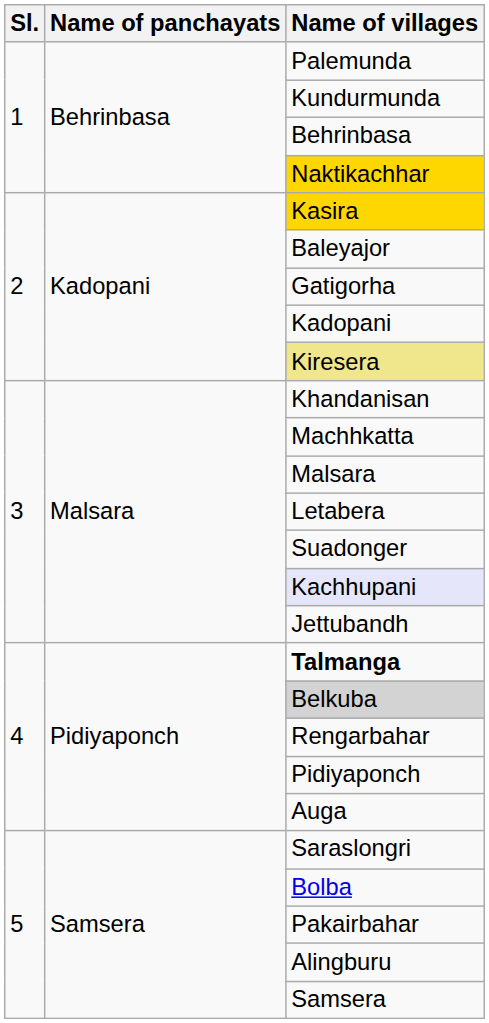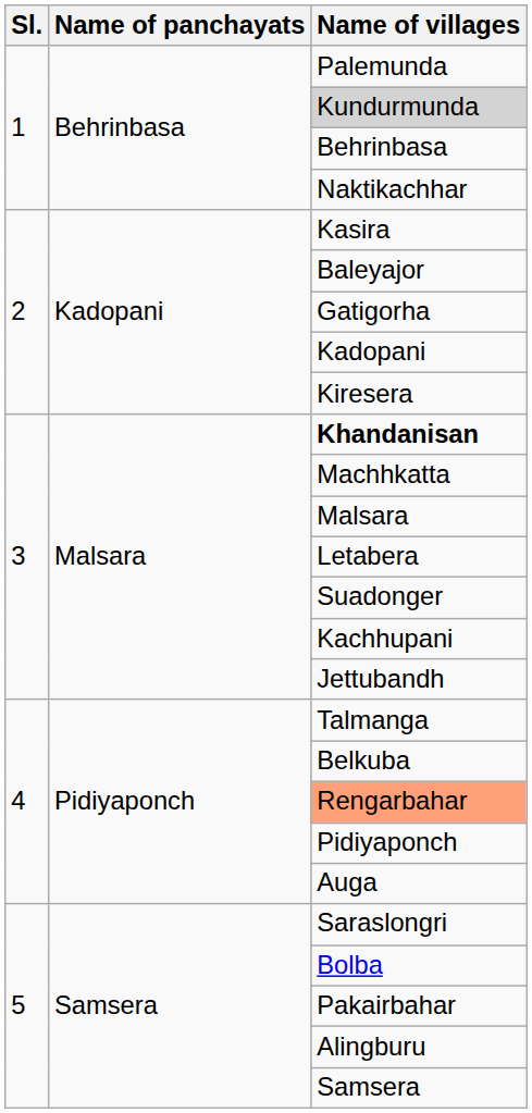 <table class="wikitable plainrowheaders sortable">
 <tr>
 <th scope="col">Sl.</th>
 <th scope="col">Name of panchayats</th>
 <th scope="col">Name of villages</th>
 </tr>
 <tr>
 <td rowspan="4">1</td>
 <td rowspan="4">Behrinbasa</td>
 <td>Palemunda</td>
 </tr>
 <tr>
-<td>Kundurmunda</td>
+<td style="background: lightgrey;">Kundurmunda</td>
 </tr>
 <tr>
 <td>Behrinbasa</td>
 </tr>
 <tr>
-<td style="background: gold;">Naktikachhar</td>
+<td>Naktikachhar</td>
 </tr>
 <tr>
 <td rowspan="5">2</td>
 <td rowspan="5">Kadopani</td>
-<td style="background: gold;">Kasira</td>
+<td>Kasira</td>
 </tr>
 <tr>
 <td>Baleyajor</td>
 </tr>
 <tr>
 <td>Gatigorha</td>
 </tr>
 <tr>
 <td>Kadopani</td>
 </tr>
 <tr>
-<td style="background: khaki;">Kiresera  </td>
+<td>Kiresera  </td>
 </tr>
 <tr>
 <td rowspan="7">3</td>
 <td rowspan="7">Malsara</td>
-<td>Khandanisan</td>
+<td><strong>Khandanisan</strong></td>
 </tr>
 <tr>
 <td>Machhkatta</td>
 </tr>
 <tr>
 <td>Malsara</td>
 </tr>
 <tr>
 <td>Letabera</td>
 </tr>
 <tr>
 <td>Suadonger</td>
 </tr>
 <tr>
-<td style="background: lavender;">Kachhupani</td>
+<td>Kachhupani</td>
 </tr>
 <tr>
 <td>Jettubandh</td>
 </tr>
 <tr>
 <td rowspan="5">4</td>
 <td rowspan="5">Pidiyaponch</td>
-<td><strong>Talmanga</strong></td>
+<td>Talmanga</td>
 </tr>
 <tr>
-<td style="background: lightgrey;">Belkuba</td>
+<td>Belkuba</td>
 </tr>
 <tr>
-<td>Rengarbahar</td>
+<td style="background: lightsalmon;">Rengarbahar</td>
 </tr>
 <tr>
 <td>Pidiyaponch</td>
 </tr>
 <tr>
 <td>Auga</td>
 </tr>
 <tr>
 <td rowspan="5">5</td>
 <td rowspan="5">Samsera</td>
 <td>Saraslongri</td>
 </tr>
 <tr>
 <td><a href='#'>Bolba</a></td>
 </tr>
 <tr>
 <td>Pakairbahar</td>
 </tr>
 <tr>
 <td>Alingburu</td>
 </tr>
 <tr>
 <td>Samsera</td>
 </tr>
 <tr>
 </tr>
 </table>
